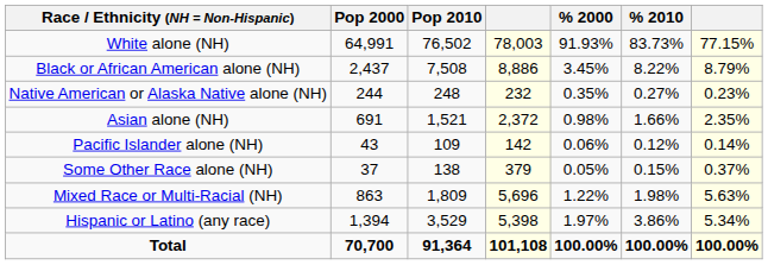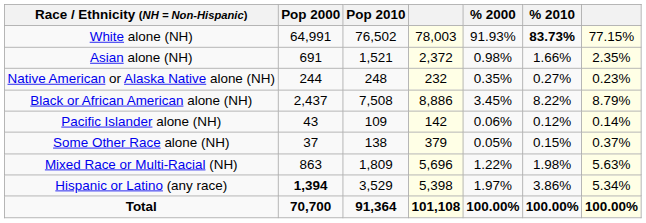 <table class="wikitable" style="text-align:center;">
 <tr>
 <th>Race / Ethnicity <small>(<em>NH = Non-Hispanic</em>)</small></th>
 <th>Pop 2000</th>
 <th>Pop 2010</th>
 <th></th>
 <th>% 2000</th>
 <th>% 2010</th>
 <th></th>
 </tr>
 <tr>
 <td><a href='#'>White</a> alone (NH)</td>
 <td>64,991</td>
 <td>76,502</td>
 <td style='background: #ffffe6;'>78,003</td>
 <td>91.93%</td>
-<td>83.73%</td>
+<td><strong>83.73%</strong></td>
 <td style='background: #ffffe6;'>77.15%</td>
 </tr>
 <tr>
-<td><a href='#'>Black or African American</a> alone (NH)</td>
-<td>2,437</td>
-<td>7,508</td>
-<td style='background: #ffffe6;'>8,886</td>
-<td>3.45%</td>
-<td>8.22%</td>
-<td style='background: #ffffe6;'>8.79%</td>
+<td><a href='#'>Asian</a> alone (NH)</td>
+<td>691</td>
+<td>1,521</td>
+<td style='background: #ffffe6;'>2,372</td>
+<td>0.98%</td>
+<td>1.66%</td>
+<td style='background: #ffffe6;'>2.35%</td>
 </tr>
 <tr>
 <td><a href='#'>Native American</a> or <a href='#'>Alaska Native</a> alone (NH)</td>
 <td>244</td>
 <td>248</td>
 <td style='background: #ffffe6;'>232</td>
 <td>0.35%</td>
 <td>0.27%</td>
 <td style='background: #ffffe6;'>0.23%</td>
 </tr>
 <tr>
-<td><a href='#'>Asian</a> alone (NH)</td>
-<td>691</td>
-<td>1,521</td>
-<td style='background: #ffffe6;'>2,372</td>
-<td>0.98%</td>
-<td>1.66%</td>
-<td style='background: #ffffe6;'>2.35%</td>
+<td><a href='#'>Black or African American</a> alone (NH)</td>
+<td>2,437</td>
+<td>7,508</td>
+<td style='background: #ffffe6;'>8,886</td>
+<td>3.45%</td>
+<td>8.22%</td>
+<td style='background: #ffffe6;'>8.79%</td>
 </tr>
 <tr>
 <td><a href='#'>Pacific Islander</a> alone (NH)</td>
 <td>43</td>
 <td>109</td>
 <td style='background: #ffffe6;'>142</td>
 <td>0.06%</td>
 <td>0.12%</td>
 <td style='background: #ffffe6;'>0.14%</td>
 </tr>
 <tr>
 <td><a href='#'>Some Other Race</a> alone (NH)</td>
 <td>37</td>
 <td>138</td>
 <td style='background: #ffffe6;'>379</td>
 <td>0.05%</td>
 <td>0.15%</td>
 <td style='background: #ffffe6;'>0.37%</td>
 </tr>
 <tr>
 <td><a href='#'>Mixed Race or Multi-Racial</a> (NH)</td>
 <td>863</td>
 <td>1,809</td>
 <td style='background: #ffffe6;'>5,696</td>
 <td>1.22%</td>
 <td>1.98%</td>
 <td style='background: #ffffe6;'>5.63%</td>
 </tr>
 <tr>
 <td><a href='#'>Hispanic or Latino</a> (any race)</td>
-<td>1,394</td>
+<td><strong>1,394</strong></td>
 <td>3,529</td>
 <td style='background: #ffffe6;'>5,398</td>
 <td>1.97%</td>
 <td>3.86%</td>
 <td style='background: #ffffe6;'>5.34%</td>
 </tr>
 <tr>
 <td><strong>Total</strong></td>
 <td><strong>70,700</strong></td>
 <td><strong>91,364</strong></td>
 <td style='background: #ffffe6;'><strong>101,108</strong></td>
 <td><strong>100.00%</strong></td>
 <td><strong>100.00%</strong></td>
 <td style='background: #ffffe6;'><strong>100.00%</strong></td>
 </tr>
 </table>
